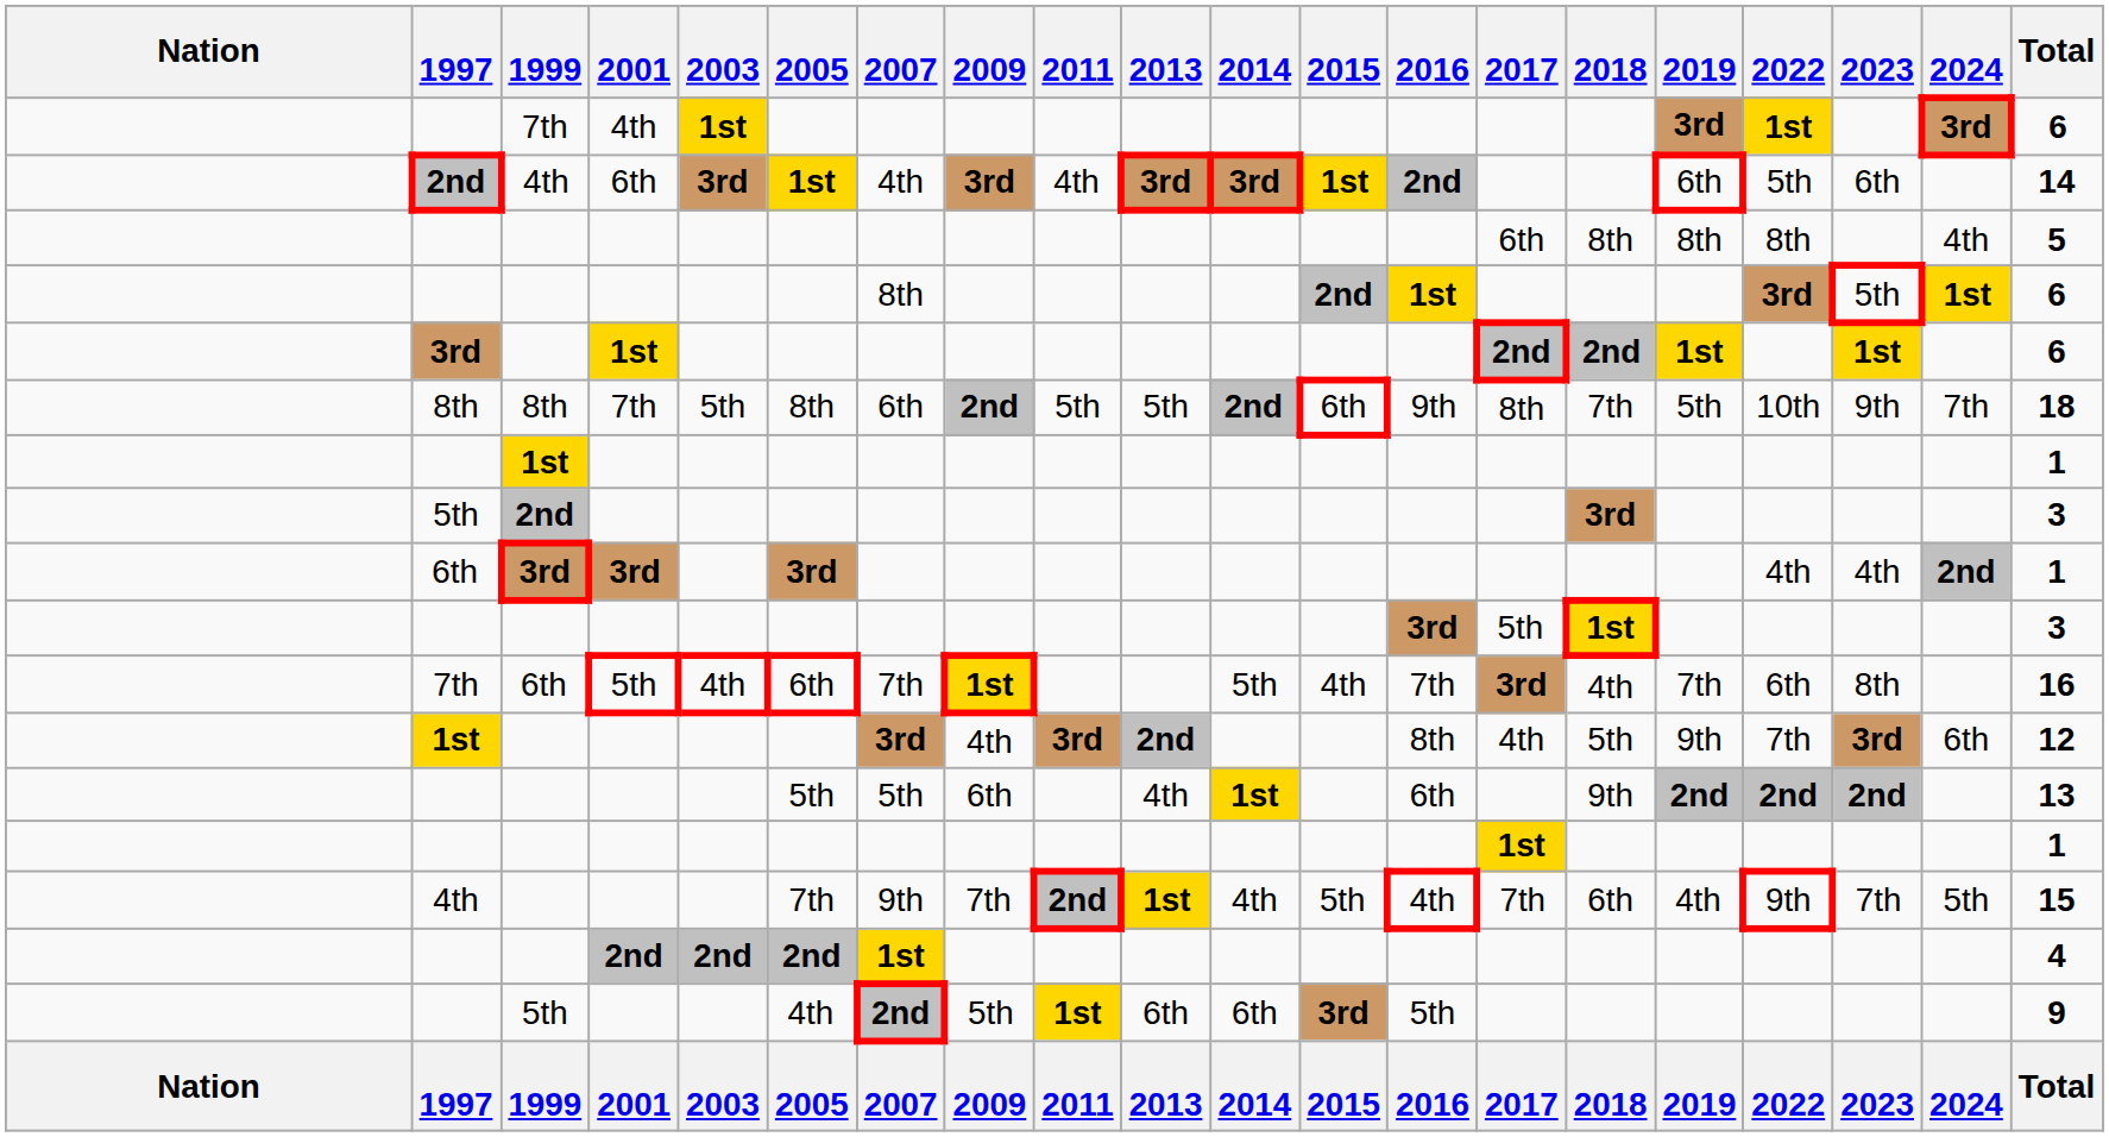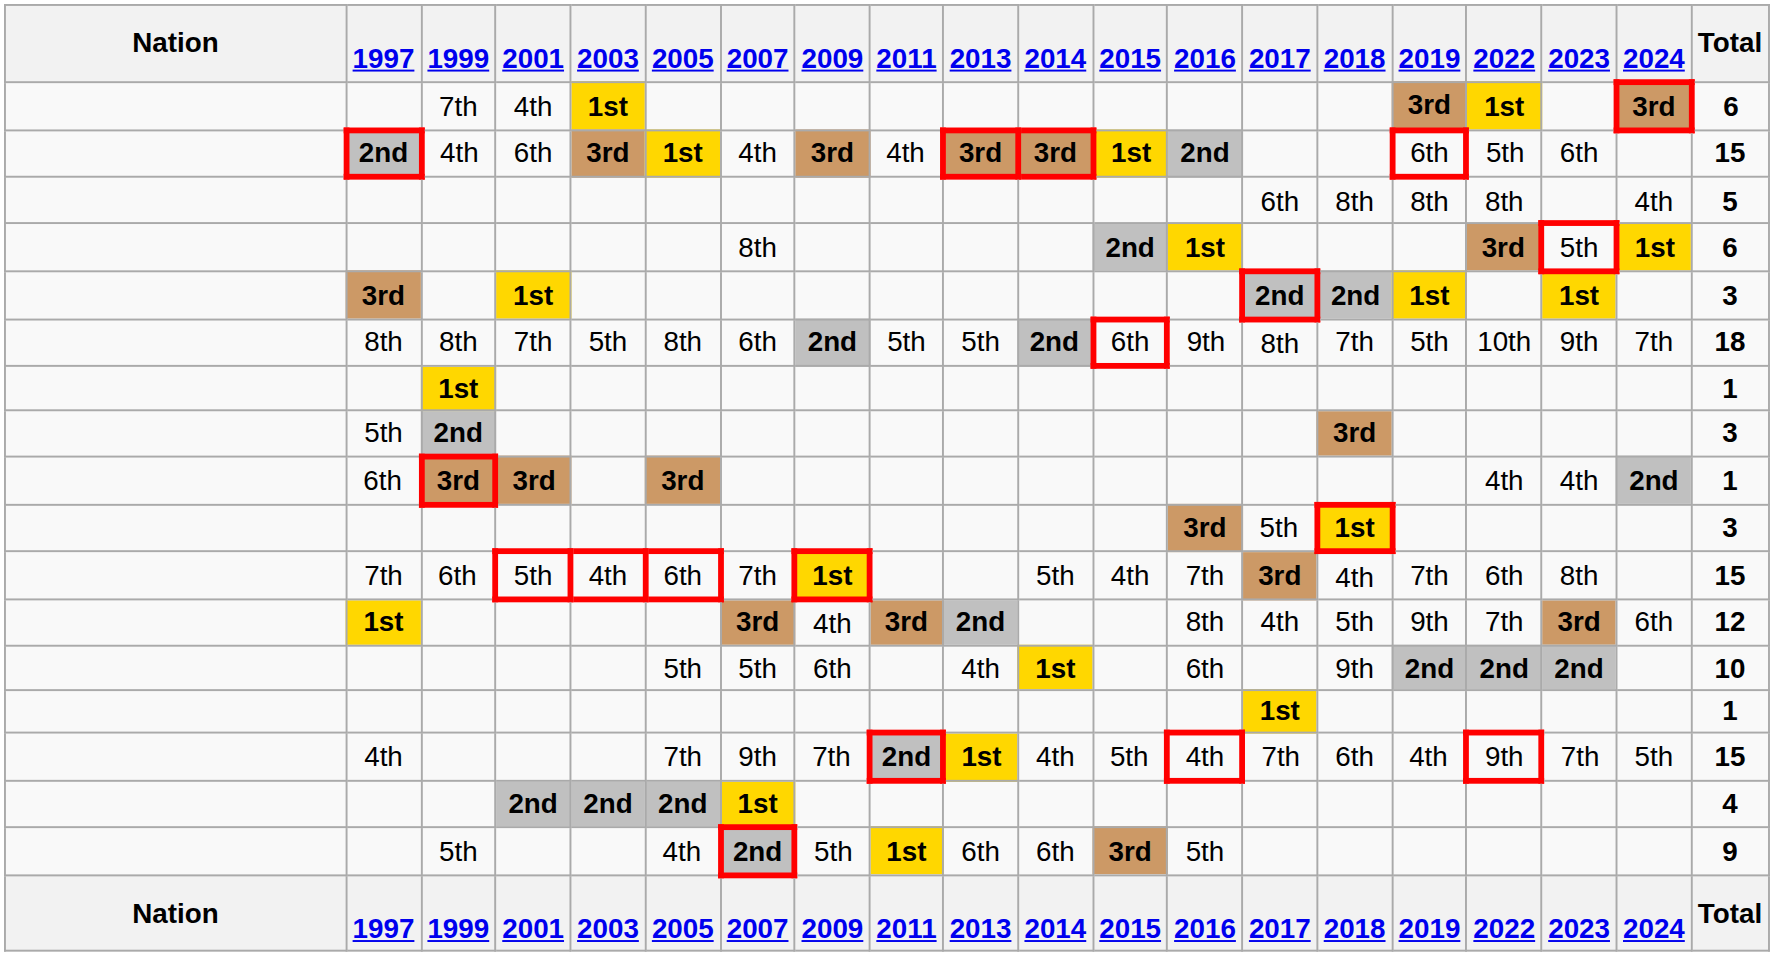 <table class="wikitable" style="text-align:center; font-size:90%">
 <tr>
 <th width=170>Nation</th>
 <th><br><a href='#'>1997</a></th>
 <th><br><a href='#'>1999</a></th>
 <th><br><a href='#'>2001</a></th>
 <th><br><a href='#'>2003</a></th>
 <th><br><a href='#'>2005</a></th>
 <th><br><a href='#'>2007</a></th>
 <th><br><a href='#'>2009</a></th>
 <th><br><a href='#'>2011</a></th>
 <th><br><a href='#'>2013</a></th>
 <th><br><a href='#'>2014</a></th>
 <th><br><a href='#'>2015</a></th>
 <th><br><a href='#'>2016</a></th>
 <th><br><a href='#'>2017</a></th>
 <th><br><a href='#'>2018</a></th>
 <th><br><a href='#'>2019</a></th>
 <th><br><a href='#'>2022</a></th>
 <th><br><a href='#'>2023</a></th>
 <th><br><a href='#'>2024</a></th>
 <th>Total</th>
 </tr>
 <tr>
 <td align=left></td>
 <td></td>
 <td>7th</td>
 <td>4th</td>
 <td bgcolor=gold><strong>1st</strong></td>
 <td></td>
 <td></td>
 <td></td>
 <td></td>
 <td></td>
 <td></td>
 <td></td>
 <td></td>
 <td></td>
 <td></td>
 <td bgcolor="#cc9966"><strong>3rd</strong></td>
 <td bgcolor=gold><strong>1st</strong></td>
 <td></td>
 <td style="border: 3px solid red" bgcolor="#cc9966"><strong>3rd</strong></td>
 <td><strong>6</strong></td>
 </tr>
 <tr>
 <td align=left></td>
 <td style="border: 3px solid red" bgcolor=silver><strong>2nd</strong></td>
 <td>4th</td>
 <td>6th</td>
 <td bgcolor="#cc9966"><strong>3rd</strong></td>
 <td bgcolor=gold><strong>1st</strong></td>
 <td>4th</td>
 <td bgcolor="#cc9966"><strong>3rd</strong></td>
 <td>4th</td>
 <td style="border: 3px solid red" bgcolor="#cc9966"><strong>3rd</strong></td>
 <td style="border: 3px solid red" bgcolor="#cc9966"><strong>3rd</strong></td>
 <td bgcolor=gold><strong>1st</strong></td>
 <td bgcolor=silver><strong>2nd</strong></td>
 <td></td>
 <td></td>
 <td style="border: 3px solid red">6th</td>
 <td>5th</td>
 <td>6th</td>
 <td></td>
-<td><strong>14</strong></td>
+<td><strong>15</strong></td>
 </tr>
 <tr>
 <td align=left></td>
 <td></td>
 <td></td>
 <td></td>
 <td></td>
 <td></td>
 <td></td>
 <td></td>
 <td></td>
 <td></td>
 <td></td>
 <td></td>
 <td></td>
 <td>6th</td>
 <td>8th</td>
 <td>8th</td>
 <td>8th</td>
 <td></td>
 <td>4th</td>
 <td><strong>5</strong></td>
 </tr>
 <tr>
 <td align=left></td>
 <td></td>
 <td></td>
 <td></td>
 <td></td>
 <td></td>
 <td>8th</td>
 <td></td>
 <td></td>
 <td></td>
 <td></td>
 <td bgcolor=silver><strong>2nd</strong></td>
 <td bgcolor=gold><strong>1st</strong></td>
 <td></td>
 <td></td>
 <td></td>
 <td bgcolor="#cc9966"><strong>3rd</strong></td>
 <td style="border: 3px solid red">5th</td>
 <td bgcolor=gold><strong>1st</strong></td>
 <td><strong>6</strong></td>
 </tr>
 <tr>
 <td align=left></td>
 <td bgcolor="#cc9966"><strong>3rd</strong></td>
 <td></td>
 <td bgcolor=gold><strong>1st</strong></td>
 <td></td>
 <td></td>
 <td></td>
 <td></td>
 <td></td>
 <td></td>
 <td></td>
 <td></td>
 <td></td>
 <td style="border: 3px solid red" bgcolor=silver><strong>2nd</strong></td>
 <td bgcolor=silver><strong>2nd</strong></td>
 <td bgcolor=gold><strong>1st</strong></td>
 <td></td>
 <td bgcolor=gold><strong>1st</strong></td>
 <td></td>
-<td><strong>6</strong></td>
+<td><strong>3</strong></td>
 </tr>
 <tr>
 <td align=left></td>
 <td>8th</td>
 <td>8th</td>
 <td>7th</td>
 <td>5th</td>
 <td>8th</td>
 <td>6th</td>
 <td bgcolor=silver><strong>2nd</strong></td>
 <td>5th</td>
 <td>5th</td>
 <td bgcolor=silver><strong>2nd</strong></td>
 <td style="border: 3px solid red">6th</td>
 <td>9th</td>
 <td>8th</td>
 <td>7th</td>
 <td>5th</td>
 <td>10th</td>
 <td>9th</td>
 <td>7th</td>
 <td><strong>18</strong></td>
 </tr>
 <tr>
 <td align=left></td>
 <td></td>
 <td bgcolor=gold><strong>1st</strong></td>
 <td></td>
 <td></td>
 <td></td>
 <td></td>
 <td></td>
 <td></td>
 <td></td>
 <td></td>
 <td></td>
 <td></td>
 <td></td>
 <td></td>
 <td></td>
 <td></td>
 <td></td>
 <td></td>
 <td><strong>1</strong></td>
 </tr>
 <tr>
 <td align=left></td>
 <td>5th</td>
 <td bgcolor=silver><strong>2nd</strong></td>
 <td></td>
 <td></td>
 <td></td>
 <td></td>
 <td></td>
 <td></td>
 <td></td>
 <td></td>
 <td></td>
 <td></td>
 <td></td>
 <td bgcolor="#cc9966"><strong>3rd</strong></td>
 <td></td>
 <td></td>
 <td></td>
 <td></td>
 <td><strong>3</strong></td>
 </tr>
 <tr>
 <td align=left></td>
 <td>6th</td>
 <td style="border: 3px solid red" bgcolor="#cc9966"><strong>3rd</strong></td>
 <td bgcolor="#cc9966"><strong>3rd</strong></td>
 <td></td>
 <td bgcolor="#cc9966"><strong>3rd</strong></td>
 <td></td>
 <td></td>
 <td></td>
 <td></td>
 <td></td>
 <td></td>
 <td></td>
 <td></td>
 <td></td>
 <td></td>
 <td>4th</td>
 <td>4th</td>
 <td bgcolor=silver><strong>2nd</strong></td>
 <td><strong>1</strong></td>
 </tr>
 <tr>
 <td align=left></td>
 <td></td>
 <td></td>
 <td></td>
 <td></td>
 <td></td>
 <td></td>
 <td></td>
 <td></td>
 <td></td>
 <td></td>
 <td></td>
 <td bgcolor="#cc9966"><strong>3rd</strong></td>
 <td>5th</td>
 <td style="border: 3px solid red" bgcolor=gold><strong>1st</strong></td>
 <td></td>
 <td></td>
 <td></td>
 <td></td>
 <td><strong>3</strong></td>
 </tr>
 <tr>
 <td align=left></td>
 <td>7th</td>
 <td>6th</td>
 <td style="border: 3px solid red">5th</td>
 <td style="border: 3px solid red">4th</td>
 <td style="border: 3px solid red">6th</td>
 <td>7th</td>
 <td style="border: 3px solid red" bgcolor=gold><strong>1st</strong></td>
 <td></td>
 <td></td>
 <td>5th</td>
 <td>4th</td>
 <td>7th</td>
 <td bgcolor="#cc9966"><strong>3rd</strong></td>
 <td>4th</td>
 <td>7th</td>
 <td>6th</td>
 <td>8th</td>
 <td></td>
-<td><strong>16</strong></td>
+<td><strong>15</strong></td>
 </tr>
 <tr>
 <td align=left></td>
 <td bgcolor=gold><strong>1st</strong></td>
 <td></td>
 <td></td>
 <td></td>
 <td></td>
 <td bgcolor="#cc9966"><strong>3rd</strong></td>
 <td>4th</td>
 <td bgcolor="#cc9966"><strong>3rd</strong></td>
 <td bgcolor=silver><strong>2nd</strong></td>
 <td></td>
 <td></td>
 <td>8th</td>
 <td>4th</td>
 <td>5th</td>
 <td>9th</td>
 <td>7th</td>
 <td bgcolor="#cc9966"><strong>3rd</strong></td>
 <td>6th</td>
 <td><strong>12</strong></td>
 </tr>
 <tr>
 <td align=left></td>
 <td></td>
 <td></td>
 <td></td>
 <td></td>
 <td>5th</td>
 <td>5th</td>
 <td>6th</td>
 <td></td>
 <td>4th</td>
 <td bgcolor=gold><strong>1st</strong></td>
 <td></td>
 <td>6th</td>
 <td></td>
 <td>9th</td>
 <td bgcolor=silver><strong>2nd</strong></td>
 <td bgcolor=silver><strong>2nd</strong></td>
 <td bgcolor=silver><strong>2nd</strong></td>
 <td></td>
-<td><strong>13</strong></td>
+<td><strong>10</strong></td>
 </tr>
 <tr>
 <td align=left></td>
 <td></td>
 <td></td>
 <td></td>
 <td></td>
 <td></td>
 <td></td>
 <td></td>
 <td></td>
 <td></td>
 <td></td>
 <td></td>
 <td></td>
 <td bgcolor=gold><strong>1st</strong></td>
 <td></td>
 <td></td>
 <td></td>
 <td></td>
 <td></td>
 <td><strong>1</strong></td>
 </tr>
 <tr>
 <td align=left></td>
 <td>4th</td>
 <td></td>
 <td></td>
 <td></td>
 <td>7th</td>
 <td>9th</td>
 <td>7th</td>
 <td style="border: 3px solid red" bgcolor=silver><strong>2nd</strong></td>
 <td bgcolor=gold><strong>1st</strong></td>
 <td>4th</td>
 <td>5th</td>
 <td style="border: 3px solid red">4th</td>
 <td>7th</td>
 <td>6th</td>
 <td>4th</td>
 <td style="border: 3px solid red">9th</td>
 <td>7th</td>
 <td>5th</td>
 <td><strong>15</strong></td>
 </tr>
 <tr>
 <td align=left></td>
 <td></td>
 <td></td>
 <td bgcolor=silver><strong>2nd</strong></td>
 <td bgcolor=silver><strong>2nd</strong></td>
 <td bgcolor=silver><strong>2nd</strong></td>
 <td bgcolor=gold><strong>1st</strong></td>
 <td></td>
 <td></td>
 <td></td>
 <td></td>
 <td></td>
 <td></td>
 <td></td>
 <td></td>
 <td></td>
 <td></td>
 <td></td>
 <td></td>
 <td><strong>4</strong></td>
 </tr>
 <tr>
 <td align=left></td>
 <td></td>
 <td>5th</td>
 <td></td>
 <td></td>
 <td>4th</td>
 <td style="border: 3px solid red" bgcolor=silver><strong>2nd</strong></td>
 <td>5th</td>
 <td bgcolor=gold><strong>1st</strong></td>
 <td>6th</td>
 <td>6th</td>
 <td bgcolor="#cc9966"><strong>3rd</strong></td>
 <td>5th</td>
 <td></td>
 <td></td>
 <td></td>
 <td></td>
 <td></td>
 <td></td>
 <td><strong>9</strong></td>
 </tr>
 <tr>
 <th width=170>Nation</th>
 <th><br><a href='#'>1997</a></th>
 <th><br><a href='#'>1999</a></th>
 <th><br><a href='#'>2001</a></th>
 <th><br><a href='#'>2003</a></th>
 <th><br><a href='#'>2005</a></th>
 <th><br><a href='#'>2007</a></th>
 <th><br><a href='#'>2009</a></th>
 <th><br><a href='#'>2011</a></th>
 <th><br><a href='#'>2013</a></th>
 <th><br><a href='#'>2014</a></th>
 <th><br><a href='#'>2015</a></th>
 <th><br><a href='#'>2016</a></th>
 <th><br><a href='#'>2017</a></th>
 <th><br><a href='#'>2018</a></th>
 <th><br><a href='#'>2019</a></th>
 <th><br><a href='#'>2022</a></th>
 <th><br><a href='#'>2023</a></th>
 <th><br><a href='#'>2024</a></th>
 <th>Total</th>
 </tr>
 </table>
